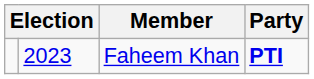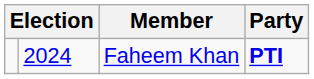 <table class="wikitable">
 <tr>
 <th colspan="2">Election</th>
 <th>Member</th>
 <th>Party</th>
 </tr>
 <tr>
 <td style="background-color: "></td>
-<td><a href='#'>2023</a></td>
+<td><a href='#'>2024</a></td>
 <td><a href='#'>Faheem Khan</a></td>
 <td><strong><a href='#'>PTI</a></strong></td>
 </tr>
 </table>
